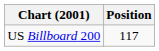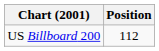 <table class="wikitable">
 <tr>
 <th>Chart (2001)</th>
 <th>Position</th>
 </tr>
 <tr>
 <td>US <a href='#'><em>Billboard</em> 200</a></td>
-<td align=center>117</td>
+<td align=center>112</td>
 </tr>
 </table>
